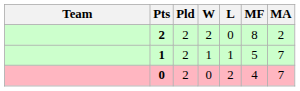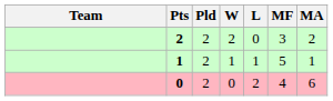 <table class=wikitable style="text-align:center">
 <tr>
 <th width=175>Team</th>
 <th width=20>Pts</th>
 <th width=20>Pld</th>
 <th width=20>W</th>
 <th width=20>L</th>
 <th width=20>MF</th>
 <th width=20>MA</th>
 </tr>
 <tr bgcolor=ccffcc>
 <td style="text-align:left"></td>
 <td><strong>2</strong></td>
 <td>2</td>
 <td>2</td>
 <td>0</td>
-<td>8</td>
+<td>3</td>
 <td>2</td>
 </tr>
 <tr bgcolor=ccffcc>
 <td style="text-align:left"></td>
 <td><strong>1</strong></td>
 <td>2</td>
 <td>1</td>
 <td>1</td>
 <td>5</td>
-<td>7</td>
+<td>1</td>
 </tr>
 <tr bgcolor=ffb6c1>
 <td style="text-align:left"></td>
 <td><strong>0</strong></td>
 <td>2</td>
 <td>0</td>
 <td>2</td>
 <td>4</td>
-<td>7</td>
+<td>6</td>
 </tr>
 </table>
